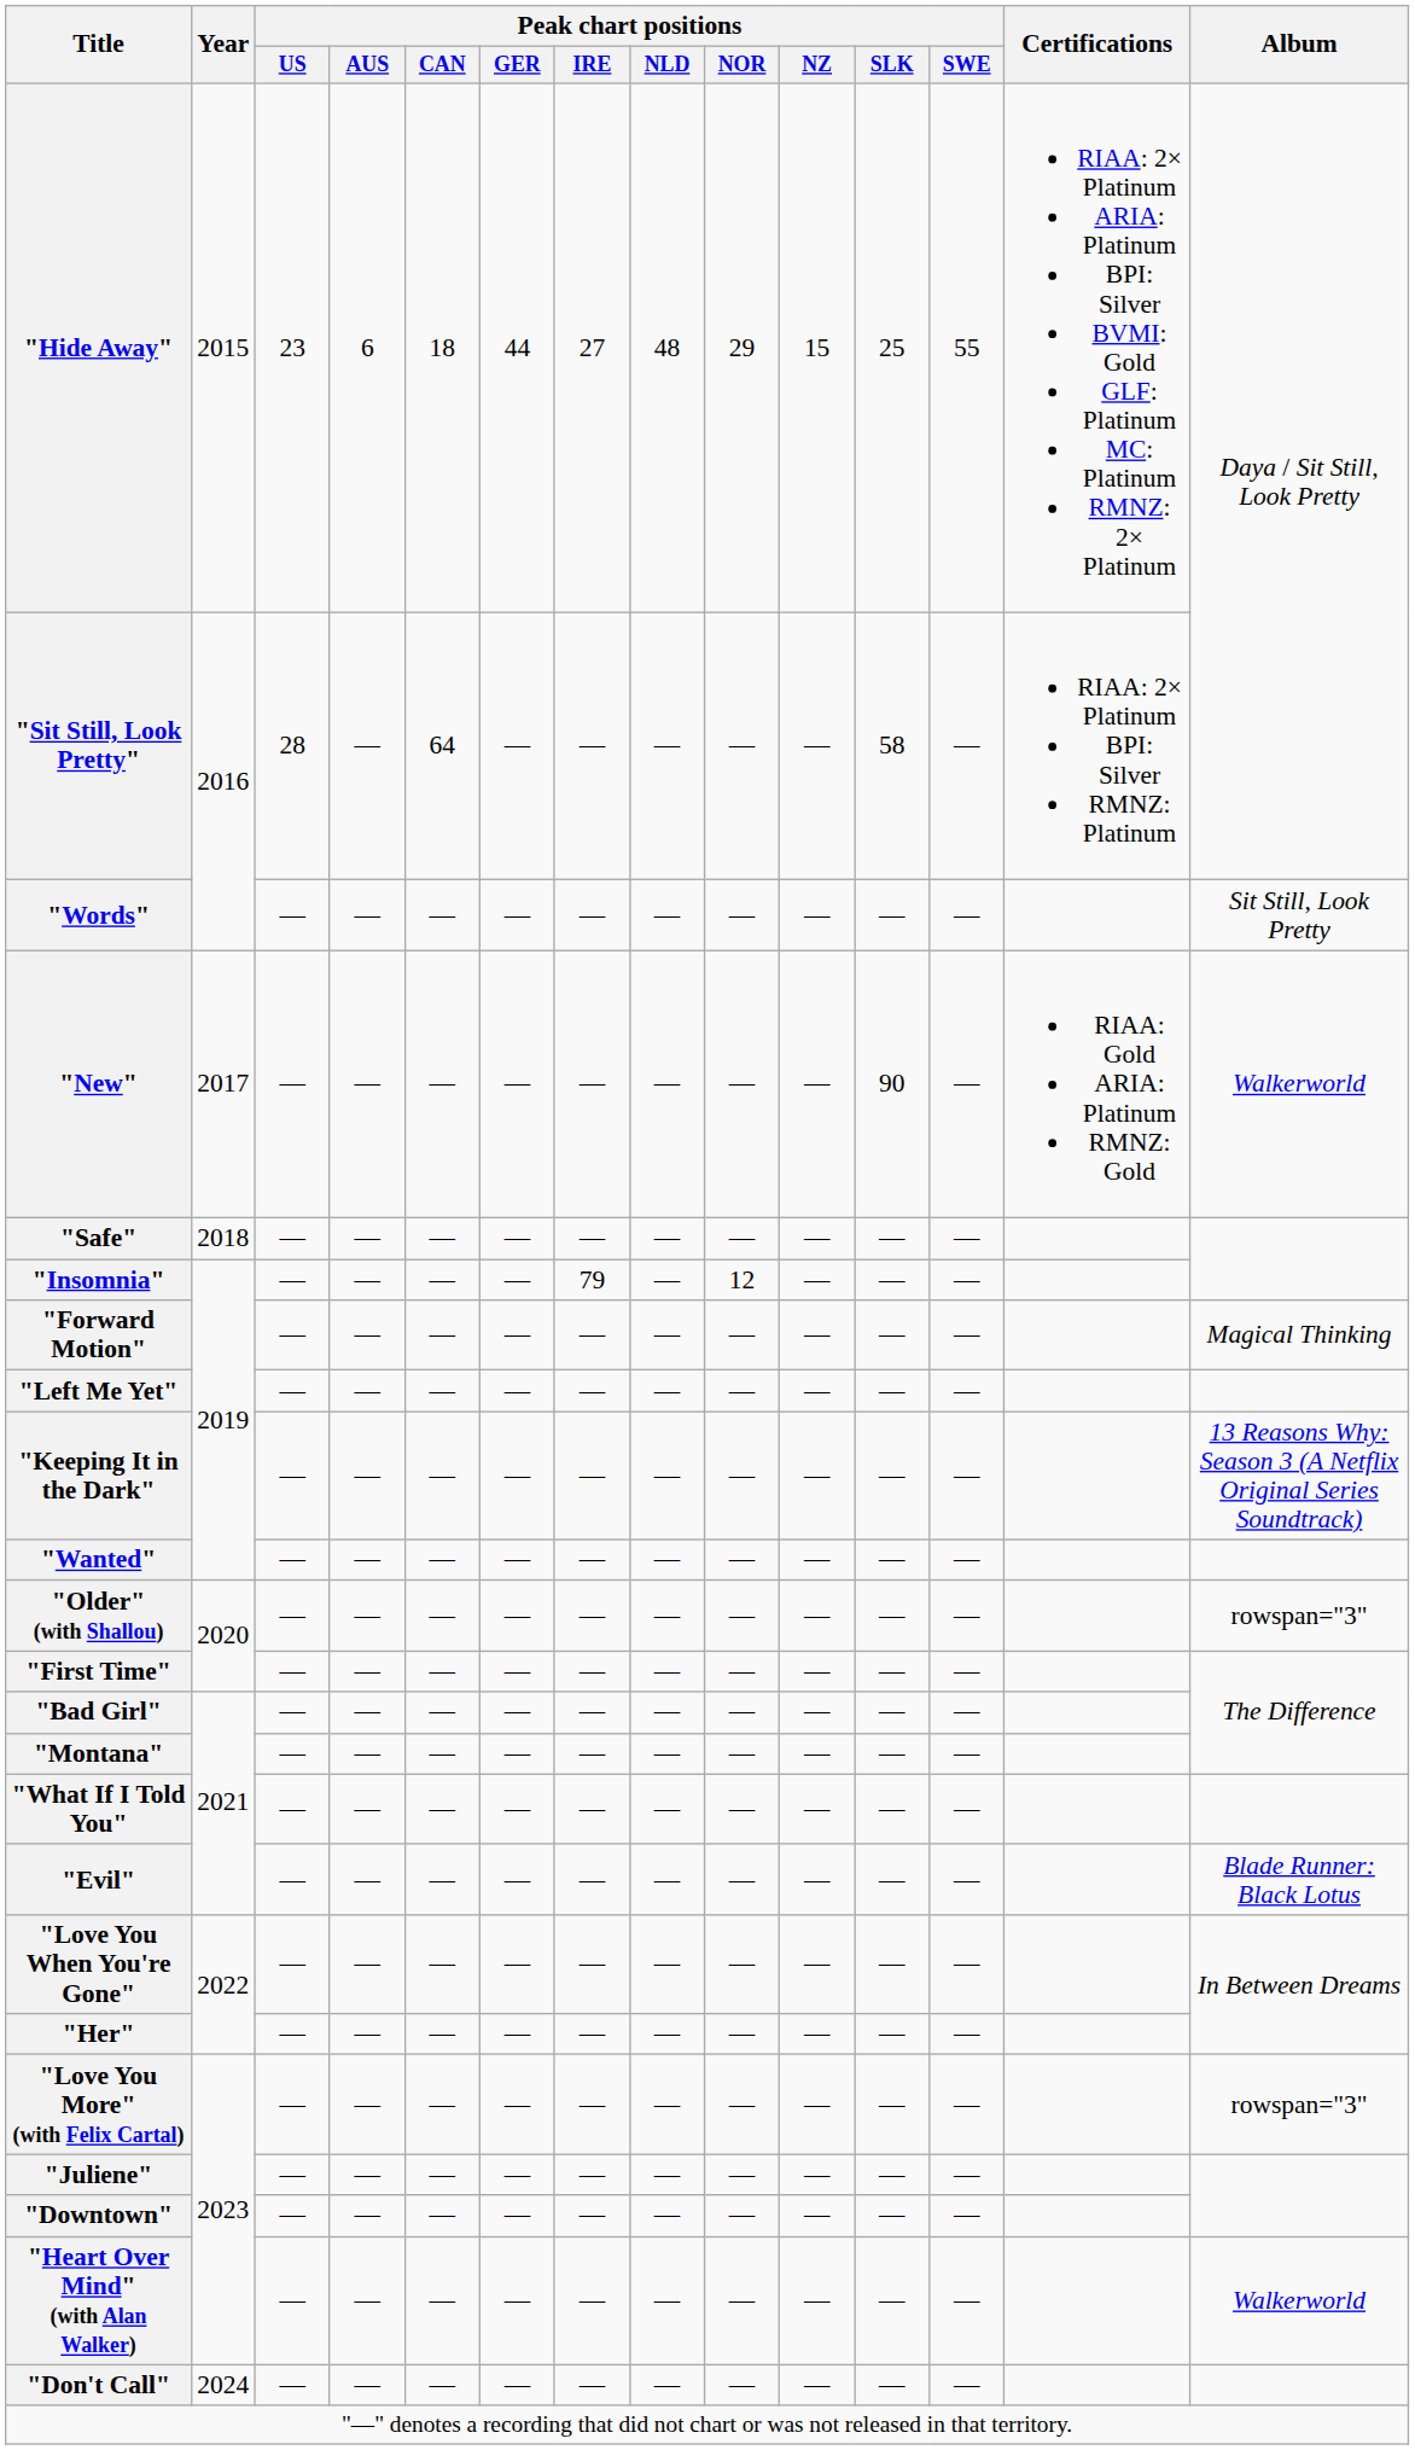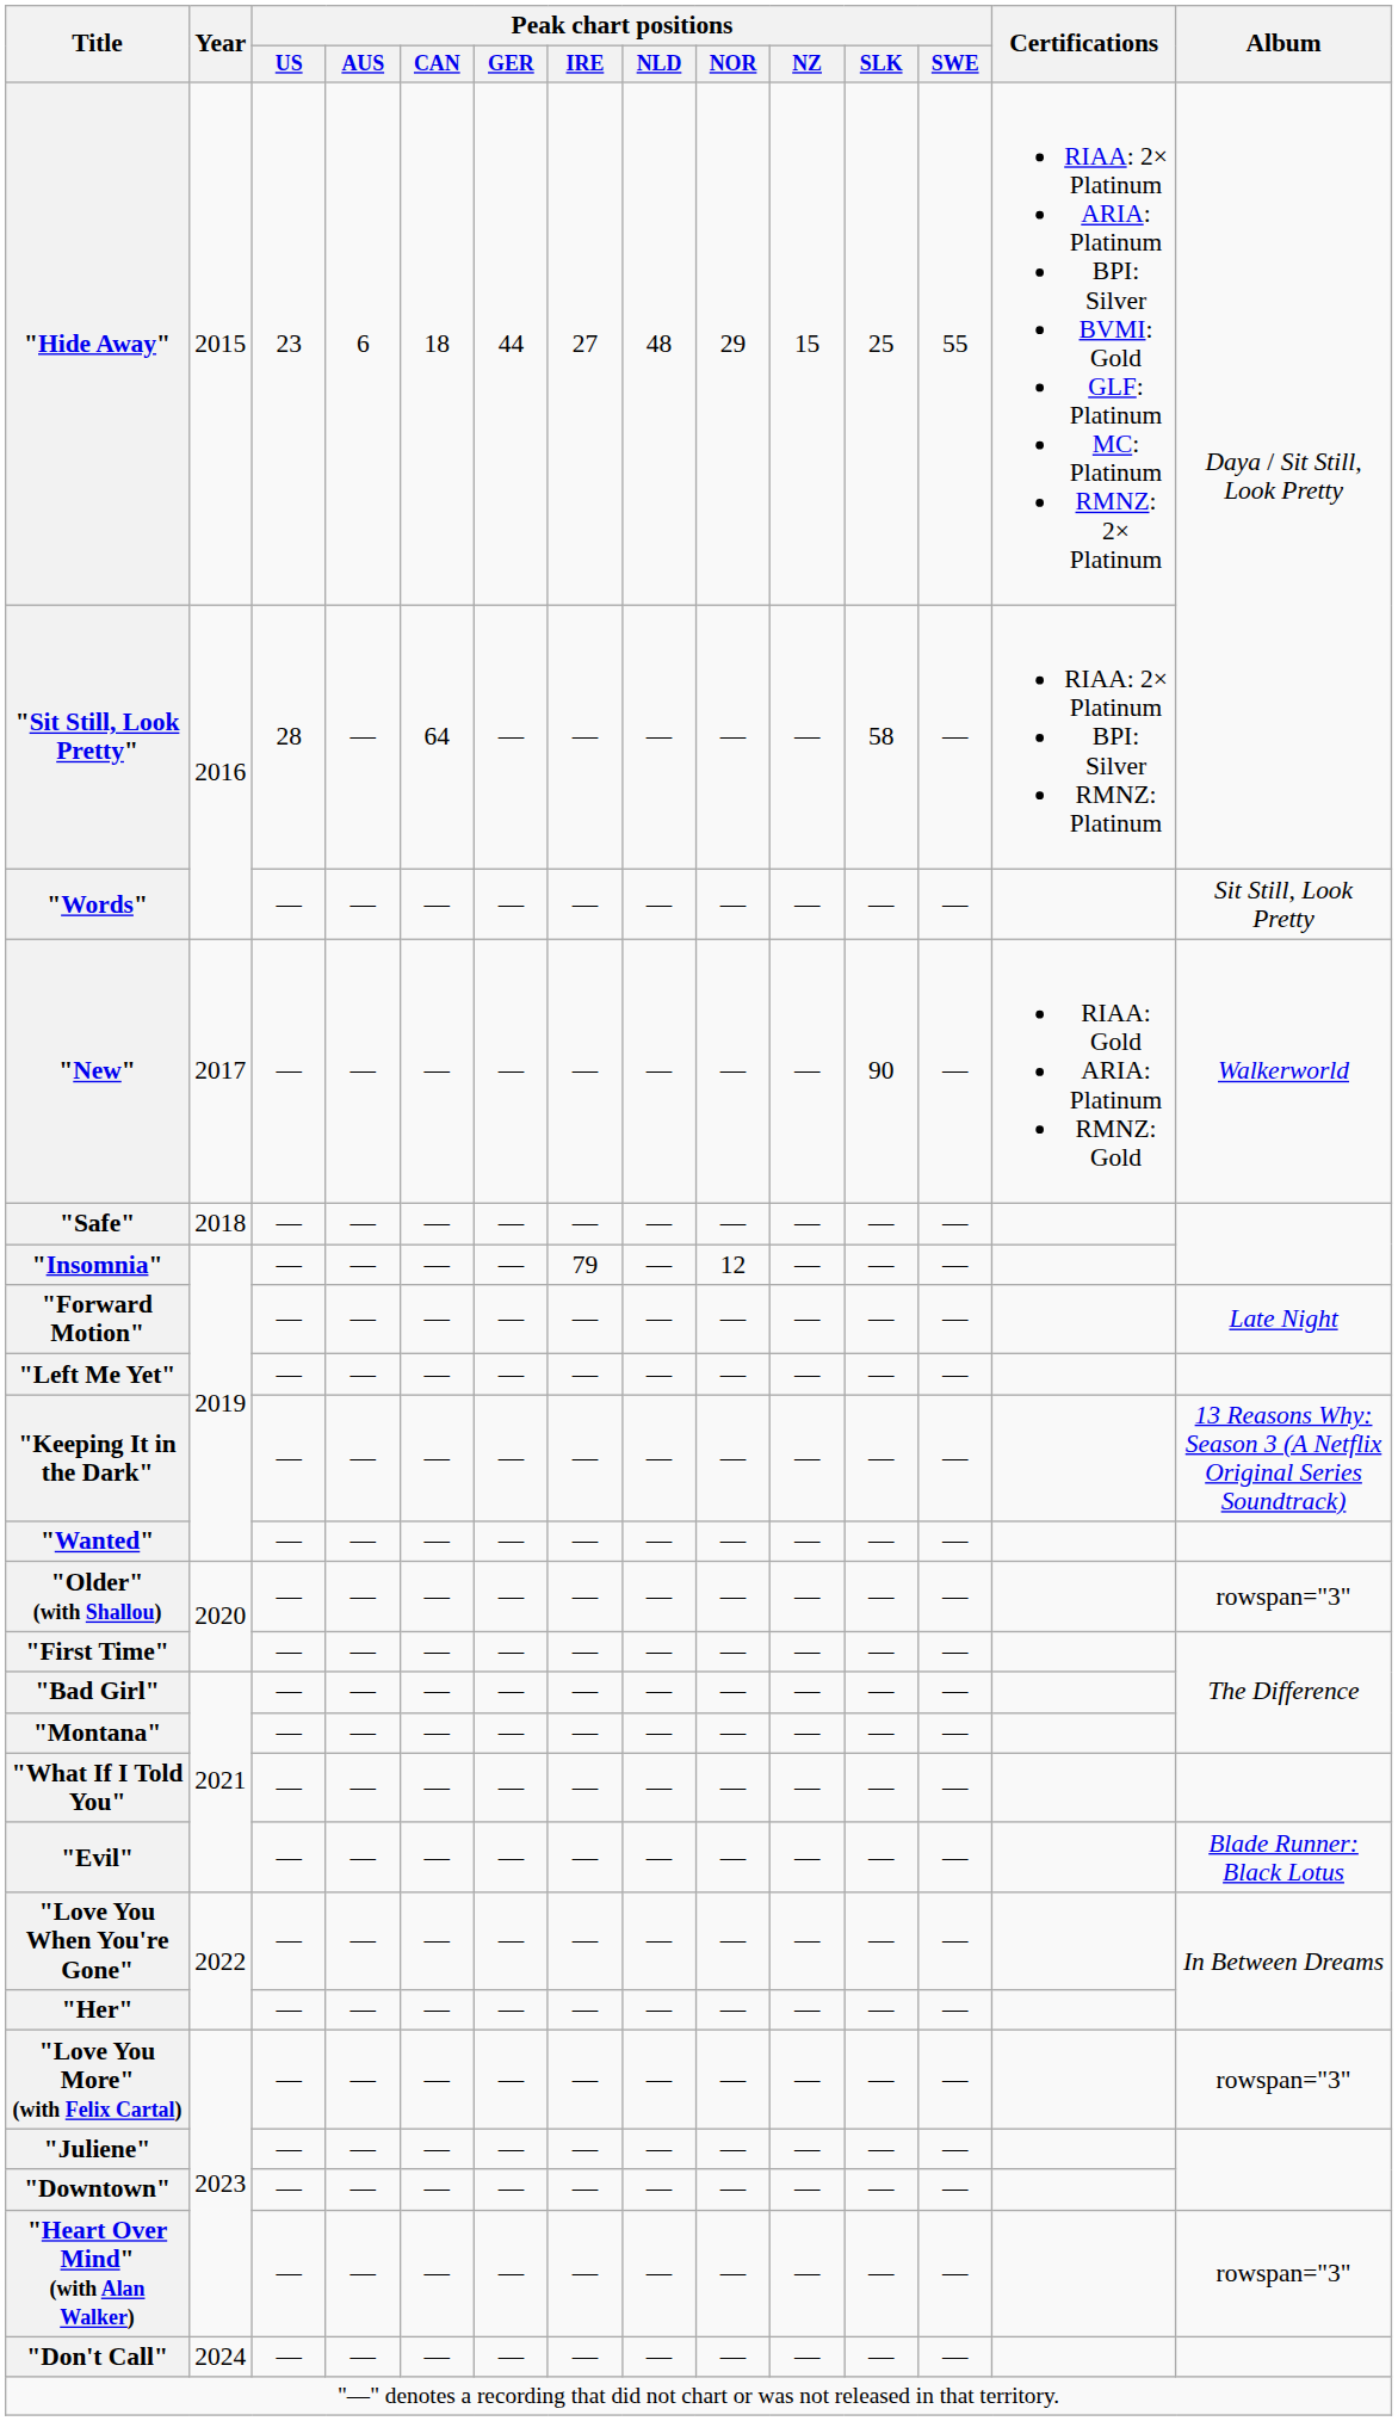 <table class="wikitable plainrowheaders" style="text-align:center;">
 <tr>
 <th scope="col" rowspan="2">Title</th>
 <th scope="col" rowspan="2">Year</th>
 <th scope="col" colspan="10">Peak chart positions</th>
 <th scope="col" rowspan="2">Certifications</th>
 <th scope="col" rowspan="2">Album</th>
 </tr>
 <tr style="font-size:smaller;">
 <th scope="col" style="width:3em;"><a href='#'>US</a><br></th>
 <th scope="col" style="width:3em;"><a href='#'>AUS</a><br></th>
 <th scope="col" style="width:3em;"><a href='#'>CAN</a><br></th>
 <th scope="col" style="width:3em;"><a href='#'>GER</a><br></th>
 <th scope="col" style="width:3em;"><a href='#'>IRE</a><br></th>
 <th scope="col" style="width:3em;"><a href='#'>NLD</a><br></th>
 <th scope="col" style="width:3em;"><a href='#'>NOR</a><br></th>
 <th scope="col" style="width:3em;"><a href='#'>NZ</a><br></th>
 <th scope="col" style="width:3em;"><a href='#'>SLK</a><br></th>
 <th scope="col" style="width:3em;"><a href='#'>SWE</a><br></th>
 </tr>
 <tr>
 <th scope="row">"<a href='#'>Hide Away</a>"</th>
 <td>2015</td>
 <td>23</td>
 <td>6</td>
 <td>18</td>
 <td>44</td>
 <td>27<br></td>
 <td>48</td>
 <td>29</td>
 <td>15</td>
 <td>25</td>
 <td>55</td>
 <td><br><ul><li><a href='#'>RIAA</a>: 2× Platinum</li><li><a href='#'>ARIA</a>: Platinum</li><li>BPI: Silver</li><li><a href='#'>BVMI</a>: Gold</li><li><a href='#'>GLF</a>: Platinum</li><li><a href='#'>MC</a>: Platinum</li><li><a href='#'>RMNZ</a>: 2× Platinum</li></ul></td>
 <td rowspan="2"><em>Daya</em> / <em>Sit Still, Look Pretty</em></td>
 </tr>
 <tr>
 <th scope="row">"<a href='#'>Sit Still, Look Pretty</a>"</th>
 <td rowspan="2">2016</td>
 <td>28</td>
 <td>—</td>
 <td>64</td>
 <td>—</td>
 <td>—</td>
 <td>—</td>
 <td>—</td>
 <td>—</td>
 <td>58</td>
 <td>—</td>
 <td><br><ul><li>RIAA: 2× Platinum</li><li>BPI: Silver</li><li>RMNZ: Platinum</li></ul></td>
 </tr>
 <tr>
 <th scope="row">"<a href='#'>Words</a>"</th>
 <td>—</td>
 <td>—</td>
 <td>—</td>
 <td>—</td>
 <td>—</td>
 <td>—</td>
 <td>—</td>
 <td>—</td>
 <td>—</td>
 <td>—</td>
 <td></td>
 <td><em>Sit Still, Look Pretty</em></td>
 </tr>
 <tr>
 <th scope="row">"<a href='#'>New</a>"</th>
 <td>2017</td>
 <td>—</td>
 <td>—</td>
 <td>—</td>
 <td>—</td>
 <td>—</td>
 <td>—</td>
 <td>—</td>
 <td>—</td>
 <td>90</td>
 <td>—</td>
 <td><br><ul><li>RIAA: Gold</li><li>ARIA: Platinum</li><li>RMNZ: Gold</li></ul></td>
 <td><em><a href='#'>Walkerworld</a></em></td>
 </tr>
 <tr>
 <th scope="row">"Safe"</th>
 <td>2018</td>
 <td>—</td>
 <td>—</td>
 <td>—</td>
 <td>—</td>
 <td>—</td>
 <td>—</td>
 <td>—</td>
 <td>—</td>
 <td>—</td>
 <td>—</td>
 <td></td>
 </tr>
 <tr>
 <th scope="row">"<a href='#'>Insomnia</a>"</th>
 <td rowspan="5">2019</td>
 <td>—</td>
 <td>—</td>
 <td>—</td>
 <td>—</td>
 <td>79</td>
 <td>—</td>
 <td>12</td>
 <td>—</td>
 <td>—</td>
 <td>—</td>
 <td></td>
 </tr>
 <tr>
 <th scope="row">"Forward Motion"</th>
 <td>—</td>
 <td>—</td>
 <td>—</td>
 <td>—</td>
 <td>—</td>
 <td>—</td>
 <td>—</td>
 <td>—</td>
 <td>—</td>
 <td>—</td>
 <td></td>
-<td><em>Magical Thinking</em></td>
+<td><em><a href='#'>Late Night</a></em></td>
 </tr>
 <tr>
 <th scope="row">"Left Me Yet"</th>
 <td>—</td>
 <td>—</td>
 <td>—</td>
 <td>—</td>
 <td>—</td>
 <td>—</td>
 <td>—</td>
 <td>—</td>
 <td>—</td>
 <td>—</td>
 <td></td>
 <td></td>
 </tr>
 <tr>
 <th scope="row">"Keeping It in the Dark"</th>
 <td>—</td>
 <td>—</td>
 <td>—</td>
 <td>—</td>
 <td>—</td>
 <td>—</td>
 <td>—</td>
 <td>—</td>
 <td>—</td>
 <td>—</td>
 <td></td>
 <td><em><a href='#'>13 Reasons Why: Season 3 (A Netflix Original Series Soundtrack)</a></em></td>
 </tr>
 <tr>
 <th scope="row">"<a href='#'>Wanted</a>"<br></th>
 <td>—</td>
 <td>—</td>
 <td>—</td>
 <td>—</td>
 <td>—</td>
 <td>—</td>
 <td>—</td>
 <td>—</td>
 <td>—</td>
 <td>—</td>
 <td></td>
 <td></td>
 </tr>
 <tr>
 <th scope="row">"Older"<br><small>(with <a href='#'>Shallou</a>)</small></th>
 <td rowspan="2">2020</td>
 <td>—</td>
 <td>—</td>
 <td>—</td>
 <td>—</td>
 <td>—</td>
 <td>—</td>
 <td>—</td>
 <td>—</td>
 <td>—</td>
 <td>—</td>
 <td></td>
 <td>rowspan="3" </td>
 </tr>
 <tr>
 <th scope="row">"First Time"</th>
 <td>—</td>
 <td>—</td>
 <td>—</td>
 <td>—</td>
 <td>—</td>
 <td>—</td>
 <td>—</td>
 <td>—</td>
 <td>—</td>
 <td>—</td>
 <td></td>
 <td rowspan="3"><em>The Difference</em></td>
 </tr>
 <tr>
 <th scope="row">"Bad Girl"</th>
 <td rowspan="4">2021</td>
 <td>—</td>
 <td>—</td>
 <td>—</td>
 <td>—</td>
 <td>—</td>
 <td>—</td>
 <td>—</td>
 <td>—</td>
 <td>—</td>
 <td>—</td>
 <td></td>
 </tr>
 <tr>
 <th scope="row">"Montana"</th>
 <td>—</td>
 <td>—</td>
 <td>—</td>
 <td>—</td>
 <td>—</td>
 <td>—</td>
 <td>—</td>
 <td>—</td>
 <td>—</td>
 <td>—</td>
 <td></td>
 </tr>
 <tr>
 <th scope="row">"What If I Told You"</th>
 <td>—</td>
 <td>—</td>
 <td>—</td>
 <td>—</td>
 <td>—</td>
 <td>—</td>
 <td>—</td>
 <td>—</td>
 <td>—</td>
 <td>—</td>
 <td></td>
 <td></td>
 </tr>
 <tr>
 <th scope="row">"Evil"</th>
 <td>—</td>
 <td>—</td>
 <td>—</td>
 <td>—</td>
 <td>—</td>
 <td>—</td>
 <td>—</td>
 <td>—</td>
 <td>—</td>
 <td>—</td>
 <td></td>
 <td><em><a href='#'>Blade Runner: Black Lotus</a></em></td>
 </tr>
 <tr>
 <th scope="row">"Love You When You're Gone"</th>
 <td rowspan="2">2022</td>
 <td>—</td>
 <td>—</td>
 <td>—</td>
 <td>—</td>
 <td>—</td>
 <td>—</td>
 <td>—</td>
 <td>—</td>
 <td>—</td>
 <td>—</td>
 <td></td>
 <td rowspan="2"><em>In Between Dreams</em></td>
 </tr>
 <tr>
 <th scope="row">"Her"</th>
 <td>—</td>
 <td>—</td>
 <td>—</td>
 <td>—</td>
 <td>—</td>
 <td>—</td>
 <td>—</td>
 <td>—</td>
 <td>—</td>
 <td>—</td>
 <td></td>
 </tr>
 <tr>
 <th scope="row">"Love You More"<br><small>(with <a href='#'>Felix Cartal</a>)</small></th>
 <td rowspan="4">2023</td>
 <td>—</td>
 <td>—</td>
 <td>—</td>
 <td>—</td>
 <td>—</td>
 <td>—</td>
 <td>—</td>
 <td>—</td>
 <td>—</td>
 <td>—</td>
 <td></td>
 <td>rowspan="3" </td>
 </tr>
 <tr>
 <th scope="row">"Juliene"</th>
 <td>—</td>
 <td>—</td>
 <td>—</td>
 <td>—</td>
 <td>—</td>
 <td>—</td>
 <td>—</td>
 <td>—</td>
 <td>—</td>
 <td>—</td>
 <td></td>
 </tr>
 <tr>
 <th scope="row">"Downtown"</th>
 <td>—</td>
 <td>—</td>
 <td>—</td>
 <td>—</td>
 <td>—</td>
 <td>—</td>
 <td>—</td>
 <td>—</td>
 <td>—</td>
 <td>—</td>
 <td></td>
 </tr>
 <tr>
 <th scope="row">"<a href='#'>Heart Over Mind</a>"<br><small>(with <a href='#'>Alan Walker</a>)</small></th>
 <td>—</td>
 <td>—</td>
 <td>—</td>
 <td>—</td>
 <td>—</td>
 <td>—</td>
 <td>—</td>
 <td>—</td>
 <td>—</td>
 <td>—</td>
 <td></td>
-<td><em><a href='#'>Walkerworld</a></em></td>
+<td>rowspan="3" </td>
 </tr>
 <tr>
 <th scope="row">"Don't Call"</th>
 <td>2024</td>
 <td>—</td>
 <td>—</td>
 <td>—</td>
 <td>—</td>
 <td>—</td>
 <td>—</td>
 <td>—</td>
 <td>—</td>
 <td>—</td>
 <td>—</td>
 <td></td>
 <td></td>
 </tr>
 <tr>
 <td colspan="15" style="font-size:90%">"—" denotes a recording that did not chart or was not released in that territory.</td>
 </tr>
 </table>
